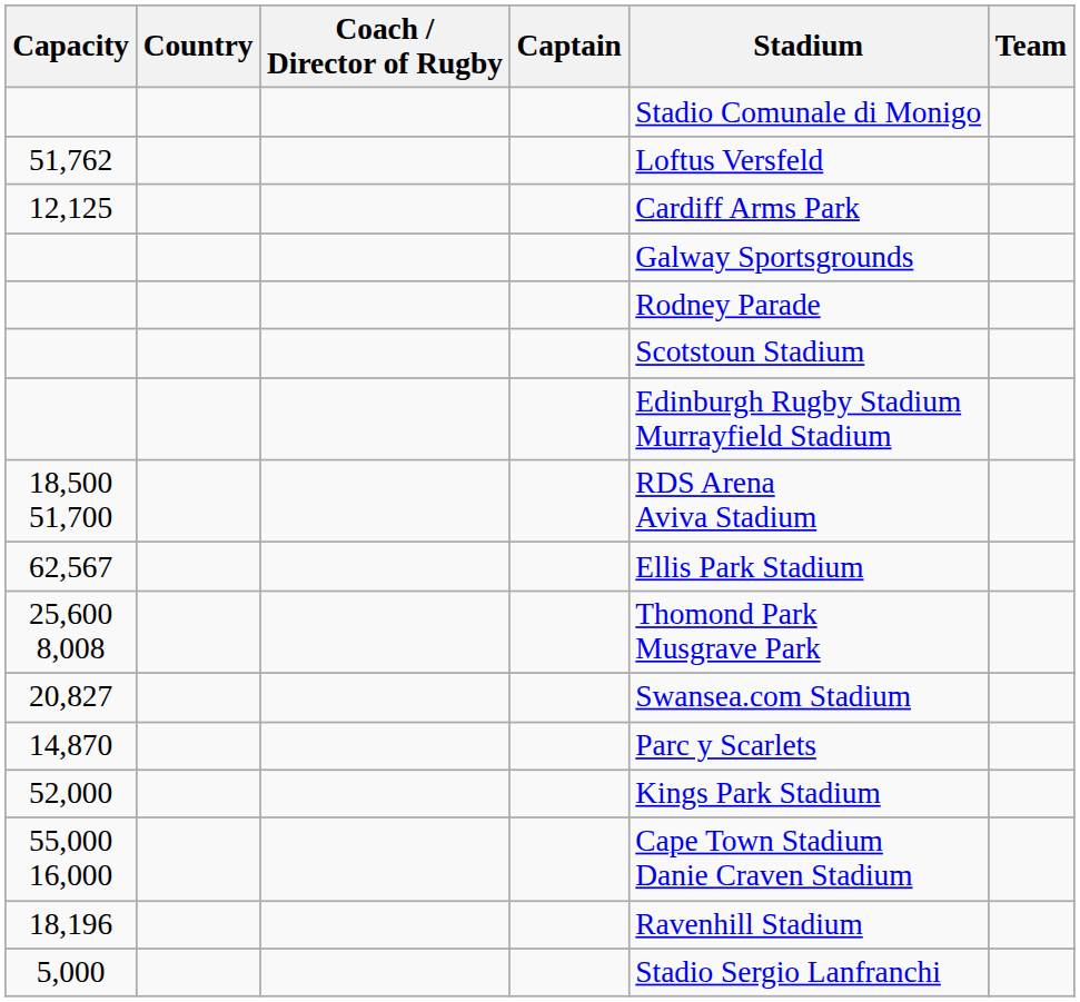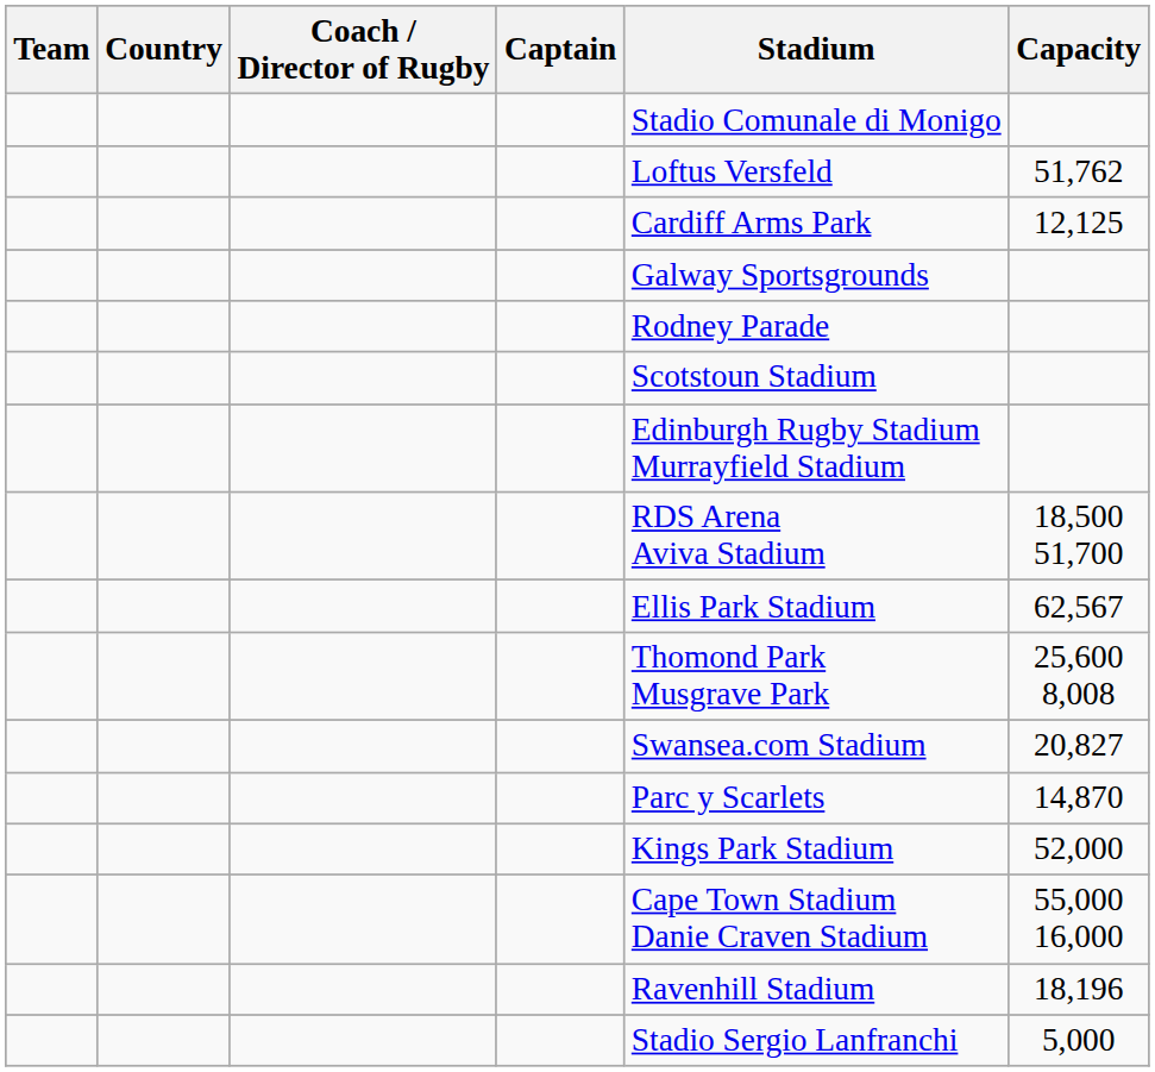 <table class="wikitable sortable">
 <tr>
-<th>Capacity</th>
+<th>Team</th>
 <th>Country</th>
 <th>Coach /<br>Director of Rugby</th>
 <th>Captain</th>
 <th>Stadium</th>
-<th>Team</th>
+<th>Capacity</th>
 </tr>
 <tr>
-<td style="text-align:center;"></td>
+<td></td>
 <td></td>
 <td></td>
 <td> <br> </td>
 <td><a href='#'>Stadio Comunale di Monigo</a></td>
-<td></td>
+<td style="text-align:center;"></td>
 </tr>
 <tr>
-<td style="text-align:center;">51,762</td>
+<td></td>
 <td></td>
 <td></td>
 <td></td>
 <td><a href='#'>Loftus Versfeld</a></td>
-<td></td>
+<td style="text-align:center;">51,762</td>
 </tr>
 <tr>
-<td style="text-align:center;">12,125</td>
+<td></td>
 <td></td>
 <td></td>
 <td></td>
 <td><a href='#'>Cardiff Arms Park</a></td>
-<td></td>
+<td style="text-align:center;">12,125</td>
 </tr>
 <tr>
-<td style="text-align:center;"></td>
+<td></td>
 <td></td>
 <td></td>
 <td></td>
 <td><a href='#'>Galway Sportsgrounds</a></td>
-<td></td>
+<td style="text-align:center;"></td>
 </tr>
 <tr>
-<td style="text-align:center;"></td>
+<td></td>
 <td></td>
 <td></td>
 <td> <br> </td>
 <td><a href='#'>Rodney Parade</a></td>
-<td></td>
+<td style="text-align:center;"></td>
 </tr>
 <tr>
-<td style="text-align:center;"><br></td>
+<td></td>
 <td></td>
 <td></td>
 <td> <br> </td>
 <td><a href='#'>Scotstoun Stadium</a></td>
-<td></td>
+<td style="text-align:center;"><br></td>
 </tr>
 <tr>
-<td style="text-align:center;"></td>
+<td></td>
 <td></td>
 <td></td>
 <td></td>
 <td><a href='#'>Edinburgh Rugby Stadium</a><br><a href='#'>Murrayfield Stadium</a></td>
-<td></td>
+<td style="text-align:center;"></td>
 </tr>
 <tr>
-<td style="text-align:center;">18,500<br>51,700</td>
+<td></td>
 <td></td>
 <td></td>
 <td></td>
 <td><a href='#'>RDS Arena</a><br><a href='#'>Aviva Stadium</a></td>
-<td></td>
+<td style="text-align:center;">18,500<br>51,700</td>
 </tr>
 <tr>
-<td style="text-align:center;">62,567</td>
+<td></td>
 <td></td>
 <td></td>
 <td></td>
 <td><a href='#'>Ellis Park Stadium</a></td>
-<td></td>
+<td style="text-align:center;">62,567</td>
 </tr>
 <tr>
-<td style="text-align:center;">25,600<br>8,008</td>
+<td></td>
 <td></td>
 <td></td>
 <td></td>
 <td><a href='#'>Thomond Park</a><br><a href='#'>Musgrave Park</a></td>
-<td></td>
+<td style="text-align:center;">25,600<br>8,008</td>
 </tr>
 <tr>
-<td style="text-align:center;">20,827</td>
+<td></td>
 <td></td>
 <td></td>
 <td></td>
 <td><a href='#'>Swansea.com Stadium</a></td>
-<td></td>
+<td style="text-align:center;">20,827</td>
 </tr>
 <tr>
-<td style="text-align:center;">14,870</td>
+<td></td>
 <td></td>
 <td></td>
 <td></td>
 <td><a href='#'>Parc y Scarlets</a></td>
-<td></td>
+<td style="text-align:center;">14,870</td>
 </tr>
 <tr>
-<td style="text-align:center;">52,000</td>
+<td></td>
 <td></td>
 <td></td>
 <td></td>
 <td><a href='#'>Kings Park Stadium</a></td>
-<td></td>
+<td style="text-align:center;">52,000</td>
 </tr>
 <tr>
-<td style="text-align:center;">55,000<br>16,000</td>
+<td></td>
 <td></td>
 <td></td>
 <td></td>
 <td><a href='#'>Cape Town Stadium</a><br><a href='#'>Danie Craven Stadium</a></td>
-<td></td>
+<td style="text-align:center;">55,000<br>16,000</td>
 </tr>
 <tr>
-<td style="text-align:center;">18,196</td>
+<td></td>
 <td></td>
 <td></td>
 <td></td>
 <td><a href='#'>Ravenhill Stadium</a></td>
-<td></td>
+<td style="text-align:center;">18,196</td>
 </tr>
 <tr>
-<td style="text-align:center;">5,000</td>
+<td></td>
 <td></td>
 <td></td>
 <td></td>
 <td><a href='#'>Stadio Sergio Lanfranchi</a></td>
-<td></td>
+<td style="text-align:center;">5,000</td>
 </tr>
 </table>
